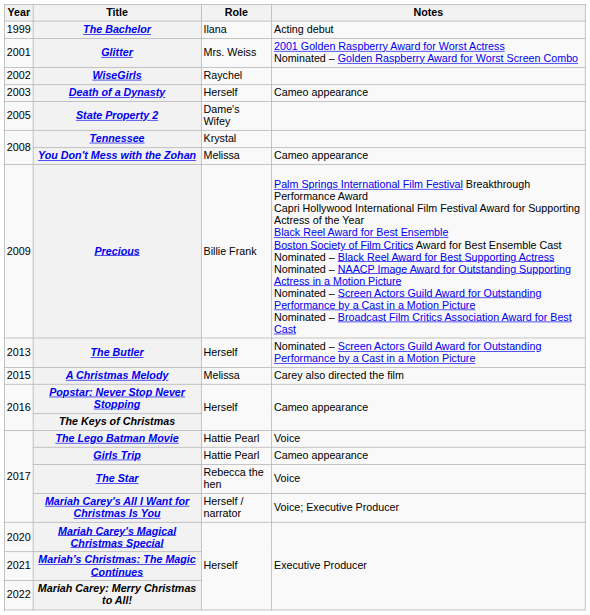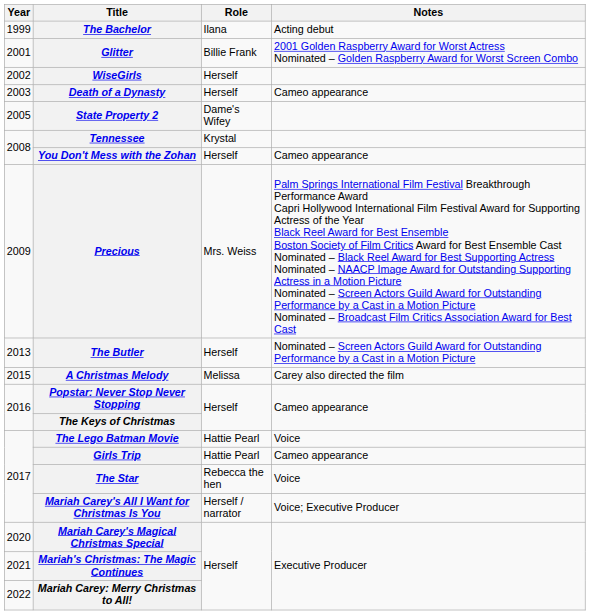 <table class="wikitable sortable plainrowheaders">
 <tr>
 <th scope="col">Year</th>
 <th scope="col">Title</th>
 <th scope="col">Role</th>
 <th scope="col" class="unsortable">Notes</th>
 </tr>
 <tr>
 <td>1999</td>
 <th scope="row"><em><a href='#'>The Bachelor</a></em></th>
 <td>Ilana</td>
 <td>Acting debut</td>
 </tr>
 <tr>
 <td>2001</td>
 <th scope="row"><em><a href='#'>Glitter</a></em></th>
-<td>Mrs. Weiss</td>
+<td>Billie Frank</td>
 <td><a href='#'>2001 Golden Raspberry Award for Worst Actress</a><br>Nominated – <a href='#'>Golden Raspberry Award for Worst Screen Combo</a></td>
 </tr>
 <tr>
 <td>2002</td>
 <th scope="row"><em><a href='#'>WiseGirls</a></em></th>
-<td>Raychel</td>
+<td>Herself</td>
 <td></td>
 </tr>
 <tr>
 <td>2003</td>
 <th scope="row"><em><a href='#'>Death of a Dynasty</a></em></th>
 <td>Herself</td>
 <td>Cameo appearance</td>
 </tr>
 <tr>
 <td>2005</td>
 <th scope="row"><em><a href='#'>State Property 2</a></em></th>
 <td>Dame's Wifey</td>
 <td></td>
 </tr>
 <tr>
 <td rowspan="2">2008</td>
 <th scope="row"><em><a href='#'>Tennessee</a></em></th>
 <td>Krystal</td>
 <td></td>
 </tr>
 <tr>
 <th scope="row"><em><a href='#'>You Don't Mess with the Zohan</a></em></th>
-<td>Melissa</td>
+<td>Herself</td>
 <td>Cameo appearance</td>
 </tr>
 <tr>
 <td>2009</td>
 <th scope="row"><em><a href='#'>Precious</a></em></th>
-<td>Billie Frank</td>
+<td>Mrs. Weiss</td>
 <td><br><a href='#'>Palm Springs International Film Festival</a> Breakthrough Performance Award <br> Capri Hollywood International Film Festival Award for Supporting Actress of the Year<br> <a href='#'>Black Reel Award for Best Ensemble</a><br> <a href='#'>Boston Society of Film Critics</a> Award for Best Ensemble Cast<br> Nominated – <a href='#'>Black Reel Award for Best Supporting Actress</a><br> Nominated – <a href='#'>NAACP Image Award for Outstanding Supporting Actress in a Motion Picture</a><br> Nominated – <a href='#'>Screen Actors Guild Award for Outstanding Performance by a Cast in a Motion Picture</a> <br> Nominated – <a href='#'>Broadcast Film Critics Association Award for Best Cast</a></td>
 </tr>
 <tr>
 <td>2013</td>
 <th scope="row"><em><a href='#'>The Butler</a></em></th>
 <td>Herself</td>
 <td>Nominated – <a href='#'>Screen Actors Guild Award for Outstanding Performance by a Cast in a Motion Picture</a></td>
 </tr>
 <tr>
 <td>2015</td>
 <th scope="row"><em><a href='#'>A Christmas Melody</a></em></th>
 <td>Melissa</td>
 <td>Carey also directed the film</td>
 </tr>
 <tr>
 <td rowspan="2">2016</td>
 <th scope="row"><em><a href='#'>Popstar: Never Stop Never Stopping</a></em></th>
 <td rowspan="2">Herself</td>
 <td rowspan="2">Cameo appearance</td>
 </tr>
 <tr>
 <th scope="row"><em>The Keys of Christmas</em></th>
 </tr>
 <tr>
 <td rowspan="4">2017</td>
 <th scope="row"><em><a href='#'>The Lego Batman Movie</a></em></th>
 <td>Hattie Pearl</td>
 <td>Voice</td>
 </tr>
 <tr>
 <th scope="row"><em><a href='#'>Girls Trip</a></em></th>
 <td>Hattie Pearl</td>
 <td>Cameo appearance</td>
 </tr>
 <tr>
 <th scope="row"><em><a href='#'>The Star</a></em></th>
 <td>Rebecca the hen</td>
 <td>Voice</td>
 </tr>
 <tr>
 <th scope="row"><em><a href='#'>Mariah Carey's All I Want for Christmas Is You</a></em></th>
 <td>Herself / narrator</td>
 <td>Voice; Executive Producer</td>
 </tr>
 <tr>
 <td>2020</td>
 <th scope="row"><em><a href='#'>Mariah Carey's Magical Christmas Special</a></em></th>
 <td rowspan="3">Herself</td>
 <td rowspan="3">Executive Producer</td>
 </tr>
 <tr>
 <td>2021</td>
 <th scope="row"><em><a href='#'>Mariah's Christmas: The Magic Continues</a></em></th>
 </tr>
 <tr>
 <td>2022</td>
 <th scope="row"><em>Mariah Carey: Merry Christmas to All!</em></th>
 </tr>
 </table>
